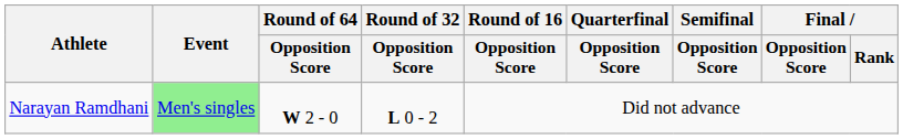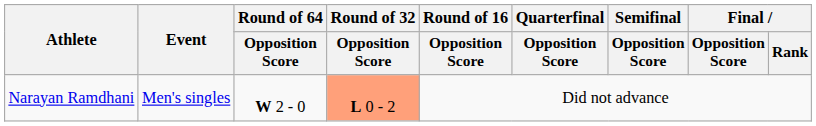 <table class=wikitable style="font-size:90%">
 <tr>
 <th rowspan=2>Athlete</th>
 <th rowspan=2>Event</th>
 <th>Round of 64</th>
 <th>Round of 32</th>
 <th>Round of 16</th>
 <th>Quarterfinal</th>
 <th>Semifinal</th>
 <th colspan=2>Final / </th>
 </tr>
 <tr style="font-size:95%">
 <th>Opposition<br>Score</th>
 <th>Opposition<br>Score</th>
 <th>Opposition<br>Score</th>
 <th>Opposition<br>Score</th>
 <th>Opposition<br>Score</th>
 <th>Opposition<br>Score</th>
 <th>Rank</th>
 </tr>
 <tr align=center>
 <td align=left><a href='#'>Narayan Ramdhani</a></td>
-<td align=left style="background: lightgreen;"><a href='#'>Men's singles</a></td>
+<td align=left><a href='#'>Men's singles</a></td>
 <td><br><strong>W</strong> 2 - 0</td>
-<td><br><strong>L</strong> 0 - 2</td>
+<td style="background: lightsalmon;"><br><strong>L</strong> 0 - 2</td>
 <td colspan=5>Did not advance</td>
 </tr>
 </table>
